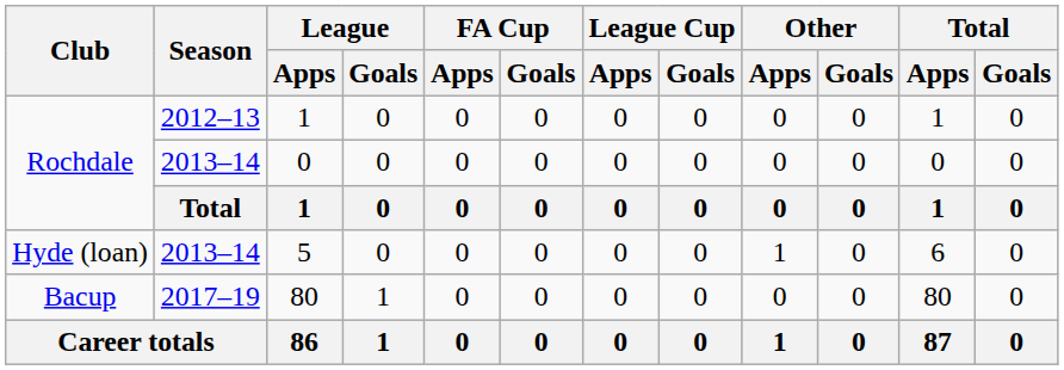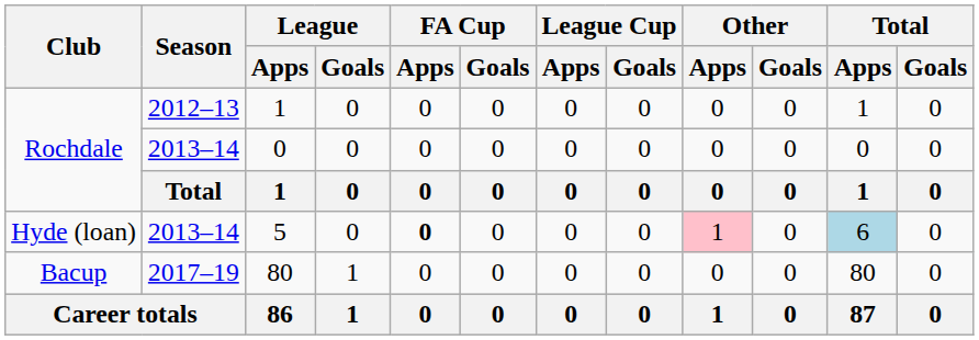 <table class="wikitable" style="text-align: center;">
 <tr>
 <th rowspan="2">Club</th>
 <th rowspan="2">Season</th>
 <th colspan="2">League</th>
 <th colspan="2">FA Cup</th>
 <th colspan="2">League Cup</th>
 <th colspan="2">Other</th>
 <th colspan="2">Total</th>
 </tr>
 <tr>
 <th>Apps</th>
 <th>Goals</th>
 <th>Apps</th>
 <th>Goals</th>
 <th>Apps</th>
 <th>Goals</th>
 <th>Apps</th>
 <th>Goals</th>
 <th>Apps</th>
 <th>Goals</th>
 </tr>
 <tr>
 <td rowspan="3" valign="center"><a href='#'>Rochdale</a></td>
 <td><a href='#'>2012–13</a></td>
 <td>1</td>
 <td>0</td>
 <td>0</td>
 <td>0</td>
 <td>0</td>
 <td>0</td>
 <td>0</td>
 <td>0</td>
 <td>1</td>
 <td>0</td>
 </tr>
 <tr>
 <td align="center"><a href='#'>2013–14</a></td>
 <td>0</td>
 <td>0</td>
 <td>0</td>
 <td>0</td>
 <td>0</td>
 <td>0</td>
 <td>0</td>
 <td>0</td>
 <td>0</td>
 <td>0</td>
 </tr>
 <tr>
 <th>Total</th>
 <th>1</th>
 <th>0</th>
 <th>0</th>
 <th>0</th>
 <th>0</th>
 <th>0</th>
 <th>0</th>
 <th>0</th>
 <th>1</th>
 <th>0</th>
 </tr>
 <tr>
 <td rowspan="1" valign="center"><a href='#'>Hyde</a> (loan)</td>
 <td align="center"><a href='#'>2013–14</a></td>
 <td>5</td>
 <td>0</td>
+<td><strong>0</strong></td>
 <td>0</td>
 <td>0</td>
 <td>0</td>
+<td style="background: pink;">1</td>
 <td>0</td>
-<td>1</td>
-<td>0</td>
-<td>6</td>
+<td style="background: lightblue;">6</td>
 <td>0</td>
 </tr>
 <tr>
 <td rowspan="1" valign="center"><a href='#'>Bacup</a></td>
 <td align="center"><a href='#'>2017–19</a></td>
 <td>80</td>
 <td>1</td>
 <td>0</td>
 <td>0</td>
 <td>0</td>
 <td>0</td>
 <td>0</td>
 <td>0</td>
 <td>80</td>
 <td>0</td>
 </tr>
 <tr>
 <th colspan="2">Career totals</th>
 <th>86</th>
 <th>1</th>
 <th>0</th>
 <th>0</th>
 <th>0</th>
 <th>0</th>
 <th>1</th>
 <th>0</th>
 <th>87</th>
 <th>0</th>
 </tr>
 </table>
